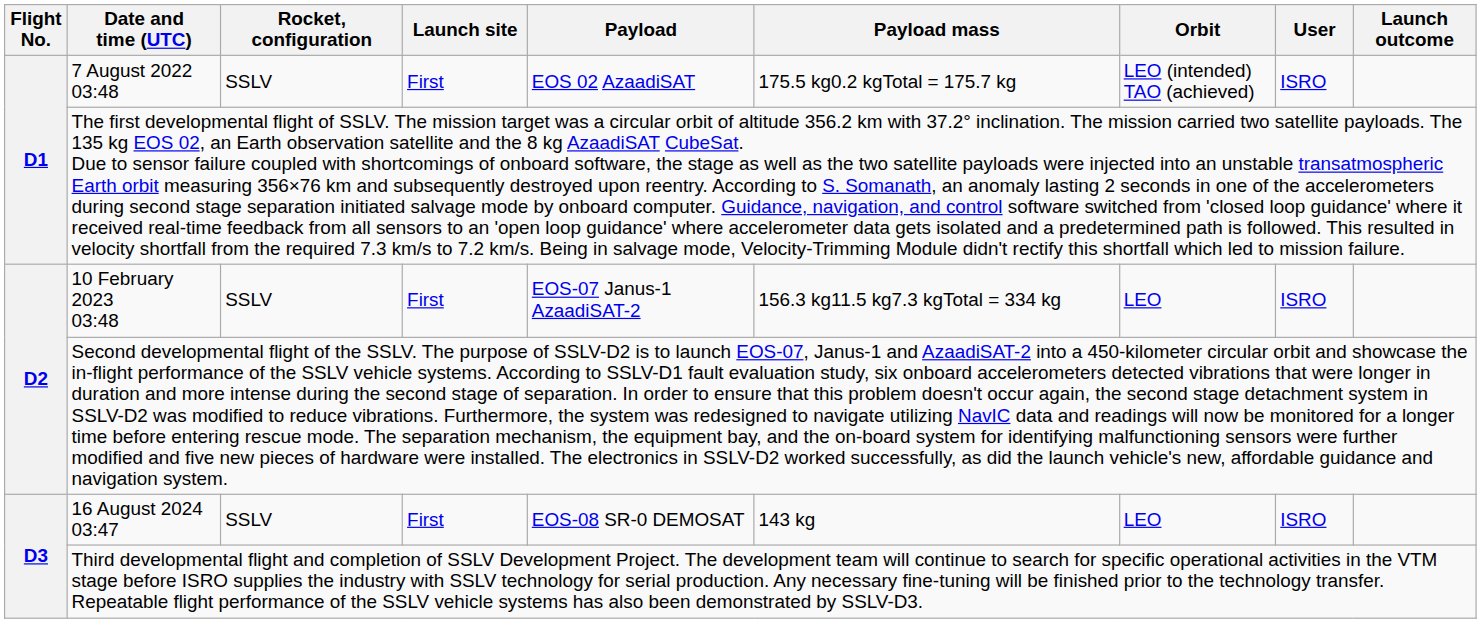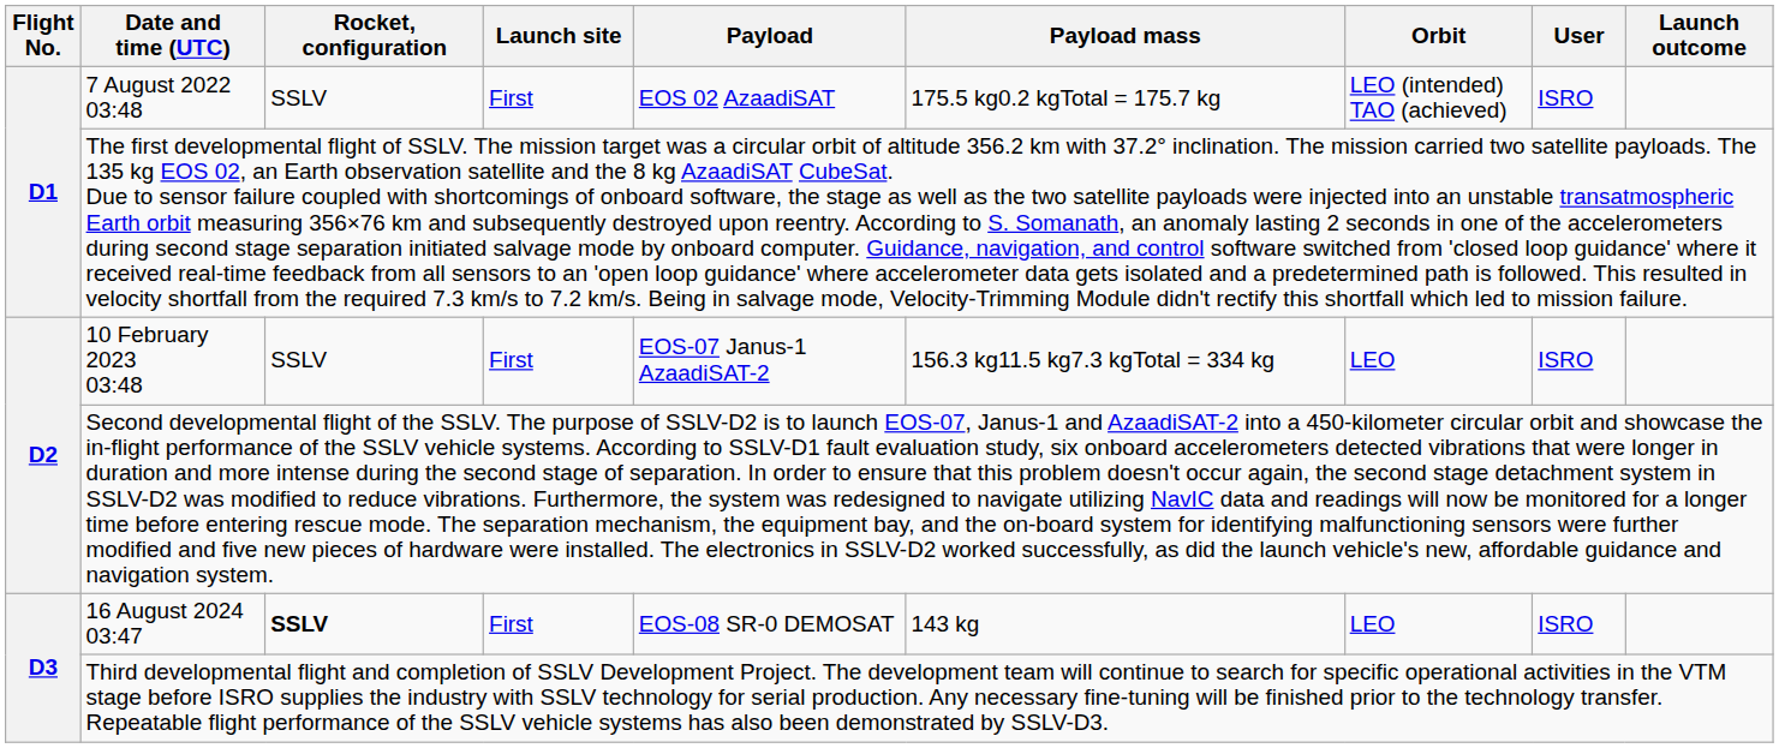 <table class="wikitable plainrowheaders collapsible">
 <tr>
 <th scope="col">Flight No.</th>
 <th scope="col">Date and<br>time (<a href='#'>UTC</a>)</th>
 <th scope="col">Rocket, <br> configuration</th>
 <th scope="col">Launch site</th>
 <th scope="col">Payload</th>
 <th scope="col">Payload mass</th>
 <th scope="col">Orbit</th>
 <th scope="col">User</th>
 <th scope="col">Launch<br>outcome</th>
 </tr>
 <tr>
 <th rowspan="2"><a href='#'>D1</a></th>
 <td>7 August 2022<br>03:48</td>
 <td>SSLV</td>
 <td><a href='#'>First</a></td>
 <td> <a href='#'>EOS 02</a> <a href='#'>AzaadiSAT</a></td>
 <td>175.5 kg0.2 kgTotal = 175.7 kg</td>
 <td><a href='#'>LEO</a> (intended)<br><a href='#'>TAO</a> (achieved)</td>
 <td><a href='#'>ISRO</a></td>
 <td></td>
 </tr>
 <tr>
 <td colspan="8">The first developmental flight of SSLV. The mission target was a circular orbit of altitude 356.2 km with 37.2° inclination. The mission carried two satellite payloads. The 135 kg <a href='#'>EOS 02</a>, an Earth observation satellite and the 8 kg <a href='#'>AzaadiSAT</a> <a href='#'>CubeSat</a>.<br>Due to sensor failure coupled with shortcomings of onboard software, the stage as well as the two satellite payloads were injected into an unstable <a href='#'>transatmospheric Earth orbit</a> measuring 356×76 km and subsequently destroyed upon reentry. According to <a href='#'>S. Somanath</a>, an anomaly lasting 2 seconds in one of the accelerometers during second stage separation initiated salvage mode by onboard computer. <a href='#'>Guidance, navigation, and control</a> software switched from 'closed loop guidance' where it received real-time feedback from all sensors to an 'open loop guidance' where accelerometer data gets isolated and a predetermined path is followed. This resulted in velocity shortfall from the required 7.3 km/s to 7.2 km/s. Being in salvage mode, Velocity-Trimming Module didn't rectify this shortfall which led to mission failure.</td>
 </tr>
 <tr>
 <th rowspan="2"><a href='#'>D2</a></th>
 <td>10 February 2023 <br> 03:48 </td>
 <td>SSLV</td>
 <td><a href='#'>First</a></td>
 <td> <a href='#'>EOS-07</a> Janus-1 <a href='#'>AzaadiSAT-2</a> </td>
 <td>156.3 kg11.5 kg7.3 kgTotal = 334 kg</td>
 <td><a href='#'>LEO</a></td>
 <td><a href='#'>ISRO</a></td>
 <td></td>
 </tr>
 <tr>
 <td colspan="8">Second developmental flight of the SSLV. The purpose of SSLV-D2 is to launch  <a href='#'>EOS-07</a>, Janus-1 and <a href='#'>AzaadiSAT-2</a> into a 450-kilometer circular orbit and showcase the in-flight performance of the SSLV vehicle systems. According to SSLV-D1 fault evaluation study, six onboard accelerometers detected vibrations that were longer in duration and more intense during the second stage of separation. In order to ensure that this problem doesn't occur again, the second stage detachment system in SSLV-D2 was modified to reduce vibrations. Furthermore, the system was redesigned to navigate utilizing <a href='#'>NavIC</a> data and readings will now be monitored for a longer time before entering rescue mode. The separation mechanism, the equipment bay, and the on-board system for identifying malfunctioning sensors were further modified and five new pieces of hardware were installed. The electronics in SSLV-D2 worked successfully, as did the launch vehicle's new, affordable guidance and navigation system.</td>
 </tr>
 <tr>
 <th rowspan="2"><a href='#'>D3</a></th>
 <td>16 August 2024 <br> 03:47 </td>
-<td>SSLV</td>
+<td><strong>SSLV</strong></td>
 <td><a href='#'>First</a></td>
 <td> <a href='#'>EOS-08</a> SR-0 DEMOSAT</td>
 <td>143 kg</td>
 <td><a href='#'>LEO</a></td>
 <td><a href='#'>ISRO</a></td>
 <td></td>
 </tr>
 <tr>
 <td colspan="8">Third developmental flight and completion of SSLV Development Project. The development team will continue to search for specific operational activities in the VTM stage before ISRO supplies the industry with SSLV technology for serial production. Any necessary fine-tuning will be finished prior to the technology transfer. Repeatable flight performance of the SSLV vehicle systems has also been demonstrated by SSLV-D3.</td>
 </tr>
 </table>
